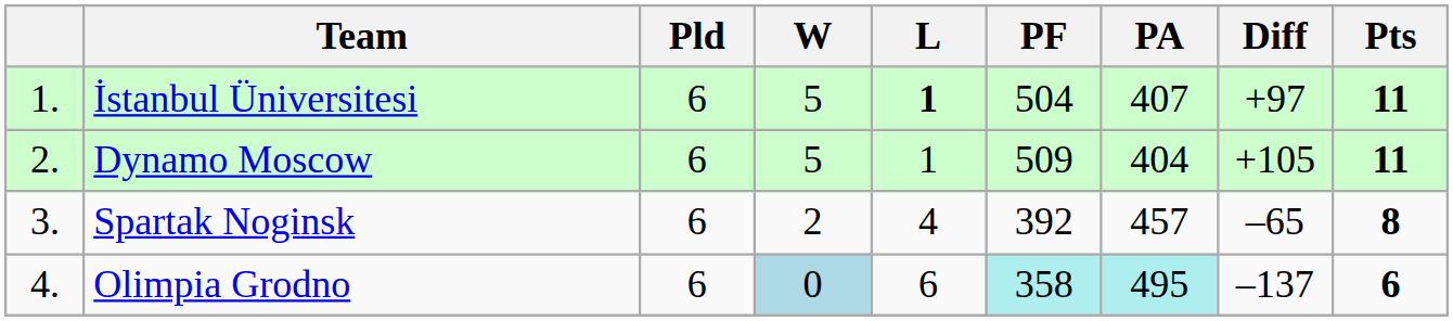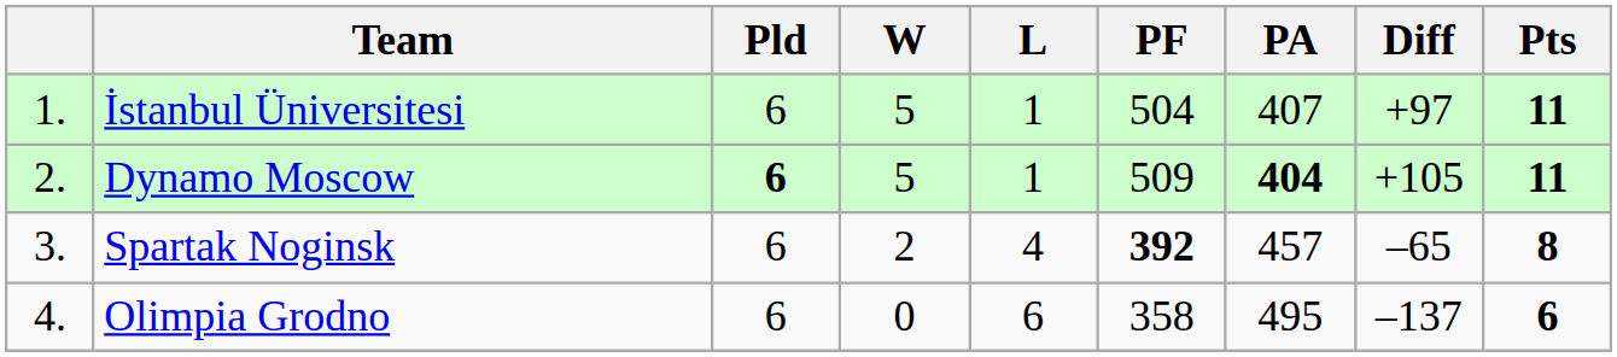 <table class="wikitable" style="text-align:center">
 <tr>
 <th width=25></th>
 <th width=220>Team</th>
 <th width=40>Pld</th>
 <th width=40>W</th>
 <th width=40>L</th>
 <th width=40>PF</th>
 <th width=40>PA</th>
 <th width=40>Diff</th>
 <th width=40>Pts</th>
 </tr>
 <tr style="background:#cfc;">
 <td>1.</td>
 <td align=left> <a href='#'>İstanbul Üniversitesi</a></td>
 <td>6</td>
 <td>5</td>
-<td><strong>1</strong></td>
+<td>1</td>
 <td>504</td>
 <td>407</td>
 <td>+97</td>
 <td><strong>11</strong></td>
 </tr>
 <tr style="background:#cfc;">
 <td>2.</td>
 <td align=left> <a href='#'>Dynamo Moscow</a></td>
-<td>6</td>
+<td><strong>6</strong></td>
 <td>5</td>
 <td>1</td>
 <td>509</td>
-<td>404</td>
+<td><strong>404</strong></td>
 <td>+105</td>
 <td><strong>11</strong></td>
 </tr>
 <tr>
 <td>3.</td>
 <td align=left> <a href='#'>Spartak Noginsk</a></td>
 <td>6</td>
 <td>2</td>
 <td>4</td>
-<td>392</td>
+<td><strong>392</strong></td>
 <td>457</td>
 <td>–65</td>
 <td><strong>8</strong></td>
 </tr>
 <tr>
 <td>4.</td>
 <td align=left> <a href='#'>Olimpia Grodno</a></td>
 <td>6</td>
-<td style="background: lightblue;">0</td>
+<td>0</td>
 <td>6</td>
-<td style="background: paleturquoise;">358</td>
-<td style="background: paleturquoise;">495</td>
+<td>358</td>
+<td>495</td>
 <td>–137</td>
 <td><strong>6</strong></td>
 </tr>
 <tr>
 </tr>
 </table>
